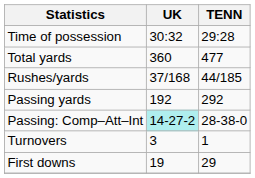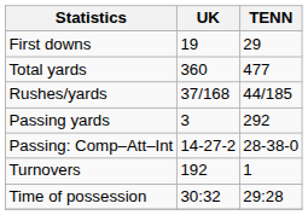 <table class="wikitable" style="float: left;">
 <tr>
 <th>Statistics</th>
 <th>UK</th>
 <th>TENN</th>
 </tr>
 <tr>
-<td>Time of possession</td>
-<td>30:32</td>
-<td>29:28</td>
+<td>First downs</td>
+<td>19</td>
+<td>29</td>
 </tr>
 <tr>
 <td>Total yards</td>
 <td>360</td>
 <td>477</td>
 </tr>
 <tr>
 <td>Rushes/yards</td>
 <td>37/168</td>
 <td>44/185</td>
 </tr>
 <tr>
 <td>Passing yards</td>
-<td>192</td>
+<td>3</td>
 <td>292</td>
 </tr>
 <tr>
 <td>Passing: Comp–Att–Int</td>
-<td style="background: paleturquoise;">14-27-2</td>
+<td>14-27-2</td>
 <td>28-38-0</td>
 </tr>
 <tr>
 <td>Turnovers</td>
-<td>3</td>
+<td>192</td>
 <td>1</td>
 </tr>
 <tr>
-<td>First downs</td>
-<td>19</td>
-<td>29</td>
+<td>Time of possession</td>
+<td>30:32</td>
+<td>29:28</td>
 </tr>
 <tr>
 </tr>
 </table>
